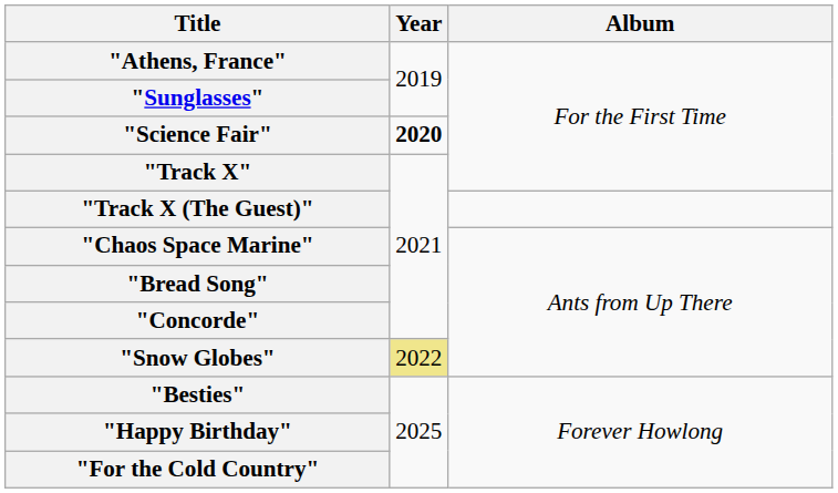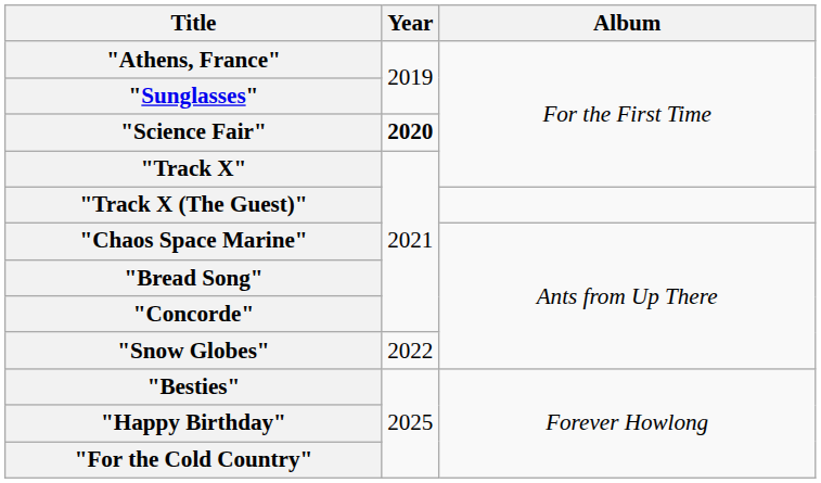 <table class="wikitable plainrowheaders" style="text-align:center;">
 <tr>
 <th scope="col" style="width:16em;">Title</th>
 <th scope="col" style="width:1em;">Year</th>
 <th scope="col" style="width:16em;">Album</th>
 </tr>
 <tr>
 <th scope="row">"Athens, France"</th>
 <td rowspan="2">2019</td>
 <td rowspan="4"><em>For the First Time</em></td>
 </tr>
 <tr>
 <th scope="row">"<a href='#'>Sunglasses</a>"</th>
 </tr>
 <tr>
 <th scope="row">"Science Fair"</th>
 <td><strong>2020</strong></td>
 </tr>
 <tr>
 <th scope="row">"Track X"</th>
 <td rowspan="5">2021</td>
 </tr>
 <tr>
 <th scope="row">"Track X (The Guest)"</th>
 <td></td>
 </tr>
 <tr>
 <th scope="row">"Chaos Space Marine"</th>
 <td rowspan="4"><em>Ants from Up There</em></td>
 </tr>
 <tr>
 <th scope="row">"Bread Song"</th>
 </tr>
 <tr>
 <th scope="row">"Concorde"</th>
 </tr>
 <tr>
 <th scope="row">"Snow Globes"</th>
-<td style="background: khaki;">2022</td>
+<td>2022</td>
 </tr>
 <tr>
 <th scope="row">"Besties"</th>
 <td rowspan = "3">2025</td>
 <td rowspan = "3"><em>Forever Howlong</em></td>
 </tr>
 <tr>
 <th scope="row">"Happy Birthday"</th>
 </tr>
 <tr>
 <th scope="row">"For the Cold Country"</th>
 </tr>
 </table>
